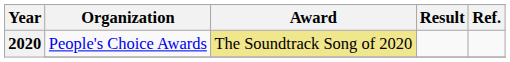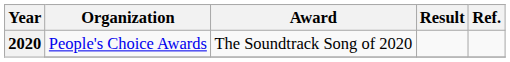 <table class="wikitable">
 <tr>
 <th>Year</th>
 <th>Organization</th>
 <th>Award</th>
 <th>Result</th>
 <th>Ref.</th>
 </tr>
 <tr>
 <th scope="row" rowspan="2">2020</th>
 <td><a href='#'>People's Choice Awards</a></td>
-<td style="background: khaki;">The Soundtrack Song of 2020</td>
+<td>The Soundtrack Song of 2020</td>
 <td></td>
 <td style="text-align:center;"></td>
 </tr>
 <tr>
 </tr>
 </table>
